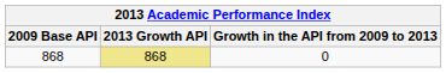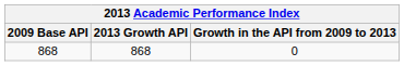 <table class="wikitable" style="text-align:center">
 <tr>
 <th colspan="3">2013 <a href='#'>Academic Performance Index</a></th>
 </tr>
 <tr>
 <th>2009 Base API</th>
 <th>2013 Growth API</th>
 <th>Growth in the API from 2009 to 2013</th>
 </tr>
 <tr>
 <td>868</td>
-<td style="background: khaki;">868</td>
+<td>868</td>
 <td>0</td>
 </tr>
 </table>
